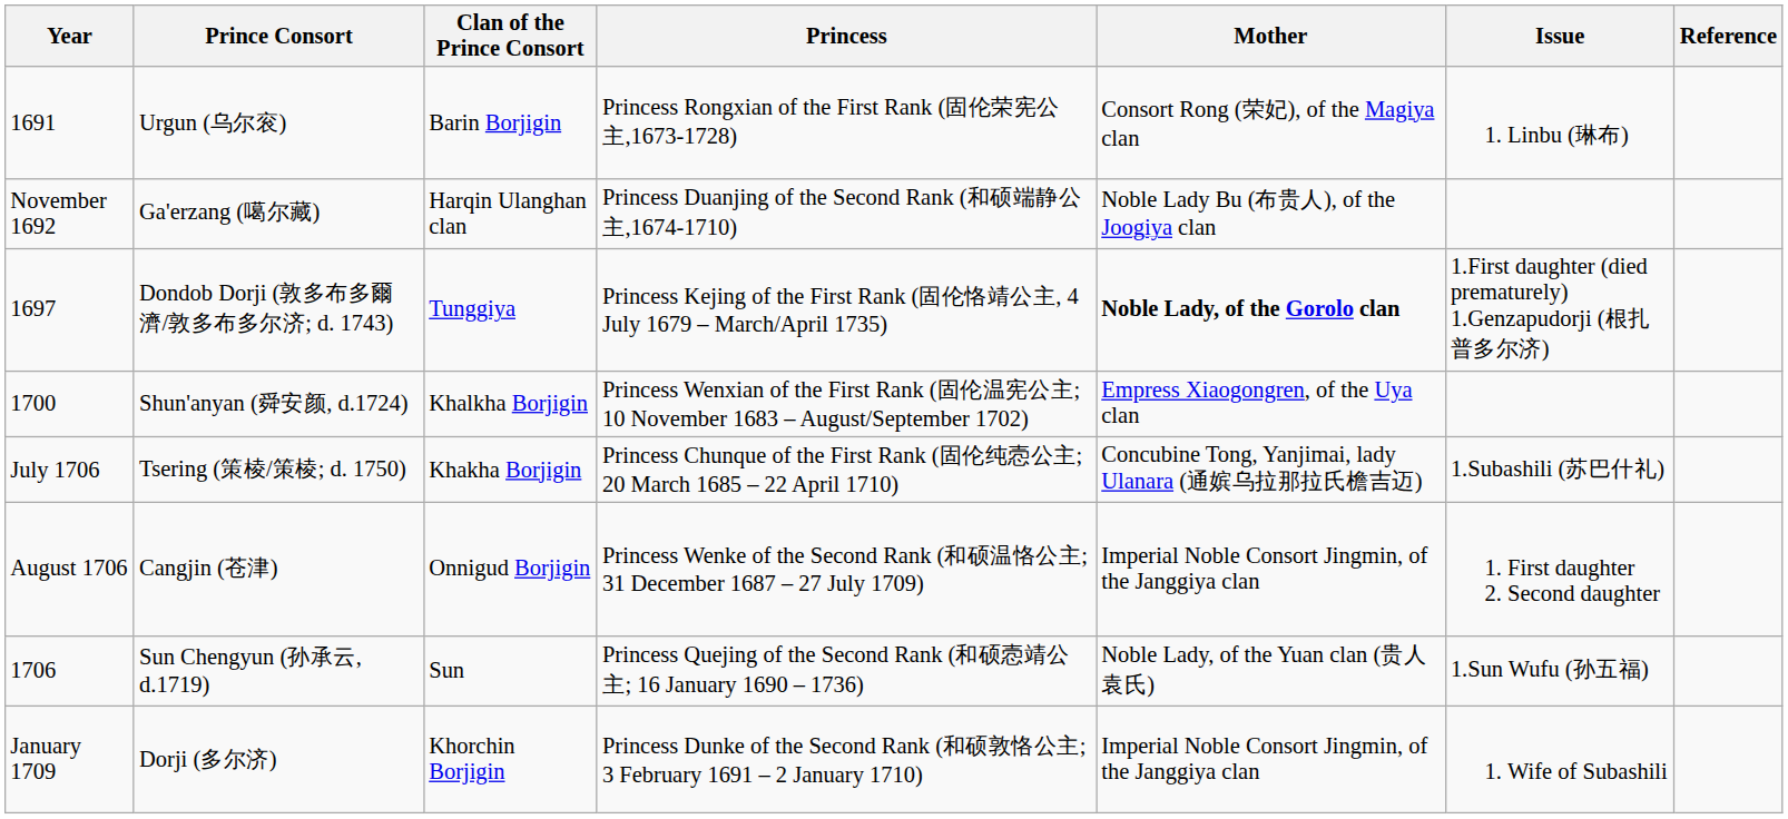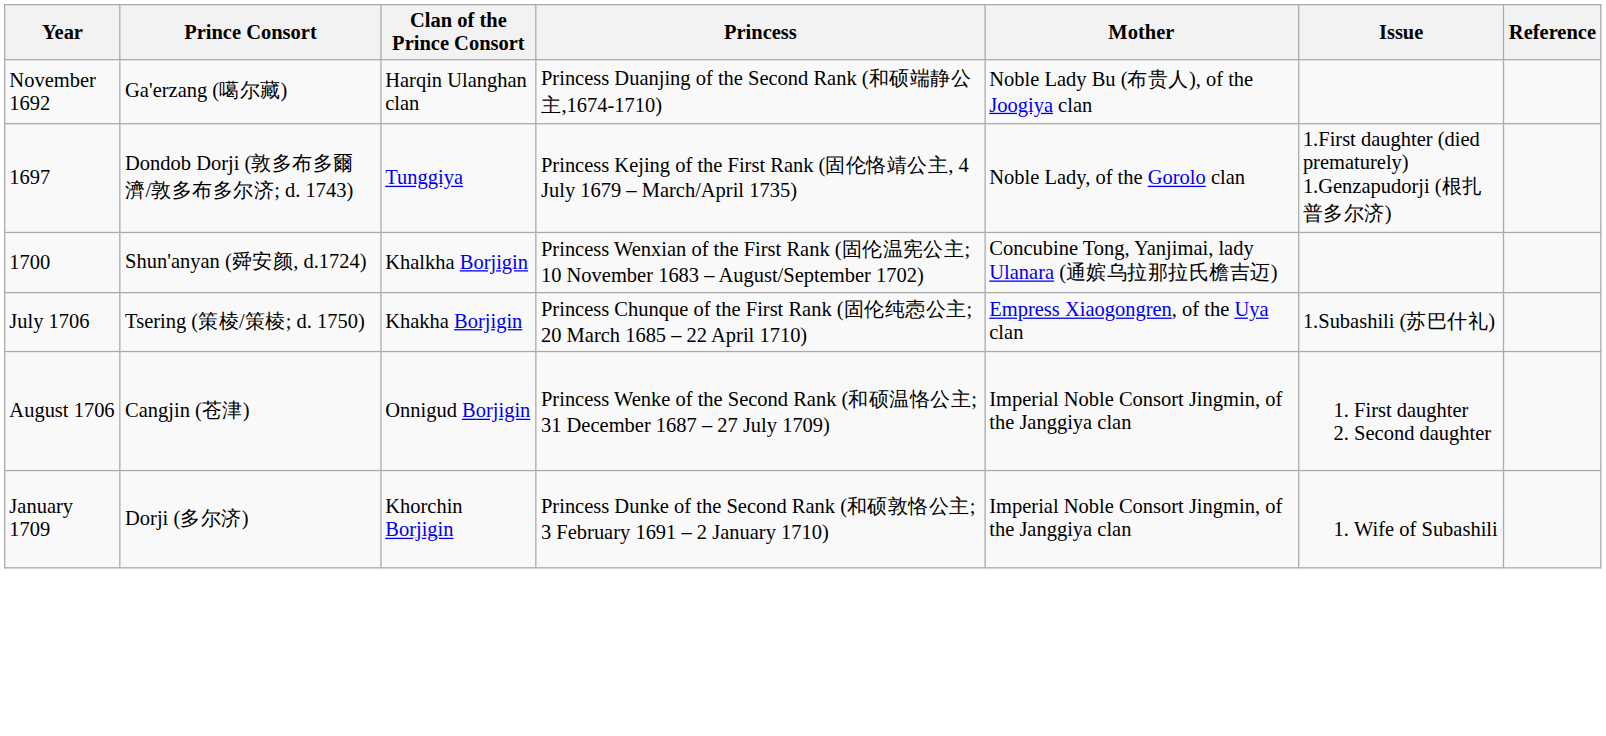 <table class="wikitable">
 <tr>
 <th>Year</th>
 <th>Prince Consort</th>
 <th>Clan of the Prince Consort</th>
 <th>Princess</th>
 <th>Mother</th>
 <th>Issue</th>
 <th>Reference</th>
-</tr>
-<tr>
-<td>1691</td>
-<td>Urgun (乌尔衮)</td>
-<td>Barin <a href='#'>Borjigin</a></td>
-<td>Princess Rongxian of the First Rank (固伦荣宪公主,1673-1728)</td>
-<td>Consort Rong (荣妃), of the <a href='#'>Magiya</a> clan</td>
-<td><br><ol><li>Linbu (琳布)</li></ol></td>
-<td></td>
 </tr>
 <tr>
 <td>November 1692</td>
 <td>Ga'erzang (噶尔藏)</td>
 <td>Harqin Ulanghan clan</td>
 <td>Princess Duanjing of the Second Rank (和硕端静公主,1674-1710)</td>
 <td>Noble Lady Bu (布贵人), of the <a href='#'>Joogiya</a> clan</td>
 <td></td>
 <td></td>
 </tr>
 <tr>
 <td>1697</td>
 <td>Dondob Dorji (敦多布多爾濟/敦多布多尔济; d. 1743)</td>
 <td><a href='#'>Tunggiya</a></td>
 <td>Princess Kejing of the First Rank (固伦恪靖公主, 4 July 1679 – March/April 1735)</td>
-<td><strong>Noble Lady, of the <a href='#'>Gorolo</a> clan</strong></td>
+<td>Noble Lady, of the <a href='#'>Gorolo</a> clan</td>
 <td>1.First daughter (died prematurely)<br>1.Genzapudorji (根扎普多尔济)</td>
 <td></td>
 </tr>
 <tr>
 <td>1700</td>
 <td>Shun'anyan (舜安颜, d.1724)</td>
 <td>Khalkha <a href='#'>Borjigin</a></td>
 <td>Princess Wenxian of the First Rank (固伦温宪公主; 10 November 1683 – August/September 1702)</td>
-<td><a href='#'>Empress Xiaogongren</a>, of the <a href='#'>Uya</a> clan</td>
+<td>Concubine Tong, Yanjimai, lady <a href='#'>Ulanara</a> (通嫔乌拉那拉氏檐吉迈)</td>
 <td></td>
 <td></td>
 </tr>
 <tr>
 <td>July 1706</td>
 <td>Tsering (策棱/策棱; d. 1750)</td>
 <td>Khakha <a href='#'>Borjigin</a></td>
 <td>Princess Chunque of the First Rank (固伦纯悫公主; 20 March 1685 – 22 April 1710)</td>
-<td>Concubine Tong, Yanjimai, lady <a href='#'>Ulanara</a> (通嫔乌拉那拉氏檐吉迈)</td>
+<td><a href='#'>Empress Xiaogongren</a>, of the <a href='#'>Uya</a> clan</td>
 <td>1.Subashili (苏巴什礼)</td>
 <td></td>
 </tr>
 <tr>
 <td>August 1706</td>
 <td>Cangjin (苍津)</td>
 <td>Onnigud <a href='#'>Borjigin</a></td>
 <td>Princess Wenke of the Second Rank (和硕温恪公主; 31 December 1687 – 27 July 1709)</td>
 <td>Imperial Noble Consort Jingmin, of the Janggiya clan</td>
 <td><br><ol><li>First daughter</li><li>Second daughter</li></ol></td>
 <td></td>
 </tr>
 <tr>
-<td>1706</td>
-<td>Sun Chengyun (孙承云, d.1719)</td>
-<td>Sun</td>
-<td>Princess Quejing of the Second Rank (和硕悫靖公主; 16 January 1690 – 1736)</td>
-<td>Noble Lady, of the Yuan clan (贵人袁氏)</td>
-<td>1.Sun Wufu (孙五福)</td>
-<td></td>
-</tr>
-<tr>
 <td>January 1709</td>
 <td>Dorji (多尔济)</td>
 <td>Khorchin <a href='#'>Borjigin</a></td>
 <td>Princess Dunke of the Second Rank (和硕敦恪公主; 3 February 1691 – 2 January 1710)</td>
 <td>Imperial Noble Consort Jingmin, of the Janggiya clan</td>
 <td><br><ol><li>Wife of Subashili</li></ol></td>
 <td></td>
 </tr>
 </table>
